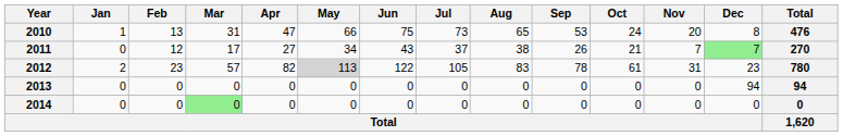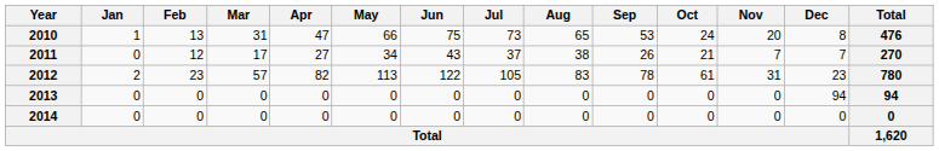 <table class=wikitable style="text-align:right; font-size:0.9em; width:1050px;">
 <tr>
 <th>Year</th>
 <th>Jan</th>
 <th>Feb</th>
 <th>Mar</th>
 <th>Apr</th>
 <th>May</th>
 <th>Jun</th>
 <th>Jul</th>
 <th>Aug</th>
 <th>Sep</th>
 <th>Oct</th>
 <th>Nov</th>
 <th>Dec</th>
 <th>Total</th>
 </tr>
 <tr>
 <th>2010</th>
 <td>1</td>
 <td>13</td>
 <td>31</td>
 <td>47</td>
 <td>66</td>
 <td>75</td>
 <td>73</td>
 <td>65</td>
 <td>53</td>
 <td>24</td>
 <td>20</td>
 <td>8</td>
 <th>476</th>
 </tr>
 <tr>
 <th>2011</th>
 <td>0</td>
 <td>12</td>
 <td>17</td>
 <td>27</td>
 <td>34</td>
 <td>43</td>
 <td>37</td>
 <td>38</td>
 <td>26</td>
 <td>21</td>
 <td>7</td>
-<td style="background: lightgreen;">7</td>
+<td>7</td>
 <th>270</th>
 </tr>
 <tr>
 <th>2012</th>
 <td>2</td>
 <td>23</td>
 <td>57</td>
 <td>82</td>
-<td style="background: lightgrey;">113</td>
+<td>113</td>
 <td>122</td>
 <td>105</td>
 <td>83</td>
 <td>78</td>
 <td>61</td>
 <td>31</td>
 <td>23</td>
 <th>780</th>
 </tr>
 <tr>
 <th>2013</th>
 <td>0</td>
 <td>0</td>
 <td>0</td>
 <td>0</td>
 <td>0</td>
 <td>0</td>
 <td>0</td>
 <td>0</td>
 <td>0</td>
 <td>0</td>
 <td>0</td>
 <td>94</td>
 <th>94</th>
 </tr>
 <tr>
 <th>2014</th>
 <td>0</td>
 <td>0</td>
-<td style="background: lightgreen;">0</td>
+<td>0</td>
 <td>0</td>
 <td>0</td>
 <td>0</td>
 <td>0</td>
 <td>0</td>
 <td>0</td>
 <td>0</td>
 <td>0</td>
 <td>0</td>
 <th>0</th>
 </tr>
 <tr>
 <th colspan=13>Total</th>
 <th>1,620</th>
 </tr>
 </table>
